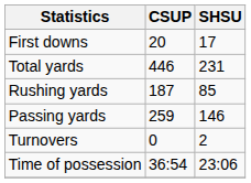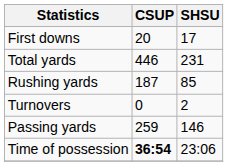 <table class="wikitable">
 <tr>
 <th>Statistics</th>
 <th>CSUP</th>
 <th>SHSU</th>
 </tr>
 <tr>
 <td>First downs</td>
 <td>20</td>
 <td>17</td>
 </tr>
 <tr>
 <td>Total yards</td>
 <td>446</td>
 <td>231</td>
 </tr>
 <tr>
 <td>Rushing yards</td>
 <td>187</td>
 <td>85</td>
 </tr>
 <tr>
+<td>Turnovers</td>
+<td>0</td>
+<td>2</td>
+</tr>
+<tr>
 <td>Passing yards</td>
 <td>259</td>
 <td>146</td>
 </tr>
 <tr>
-<td>Turnovers</td>
-<td>0</td>
-<td>2</td>
-</tr>
-<tr>
 <td>Time of possession</td>
-<td>36:54</td>
+<td><strong>36:54</strong></td>
 <td>23:06</td>
 </tr>
 <tr>
 </tr>
 </table>
